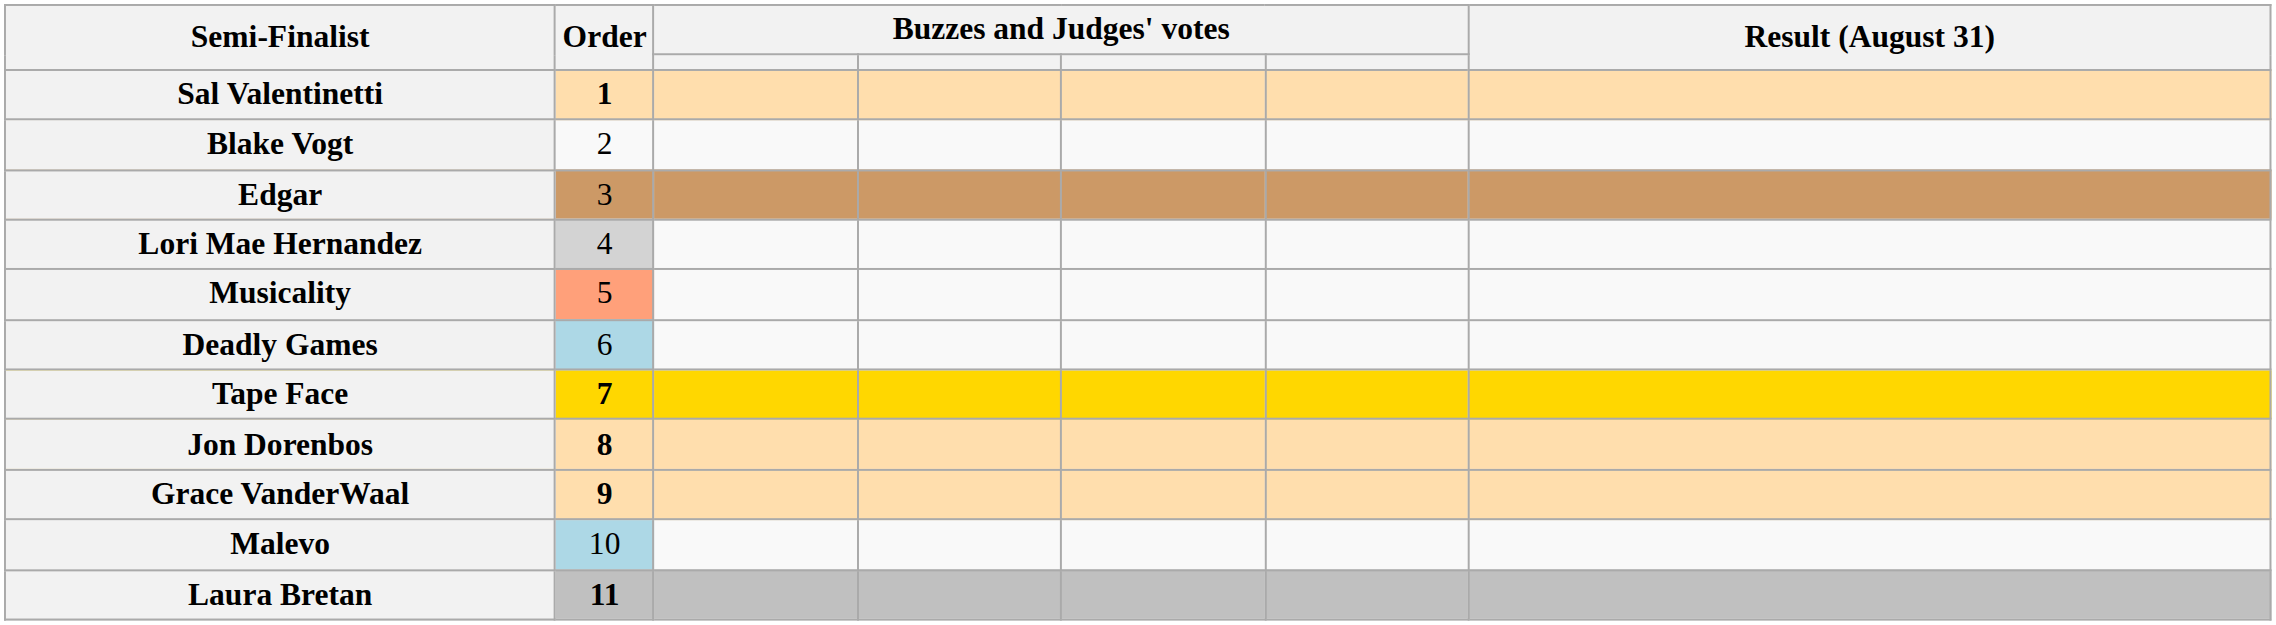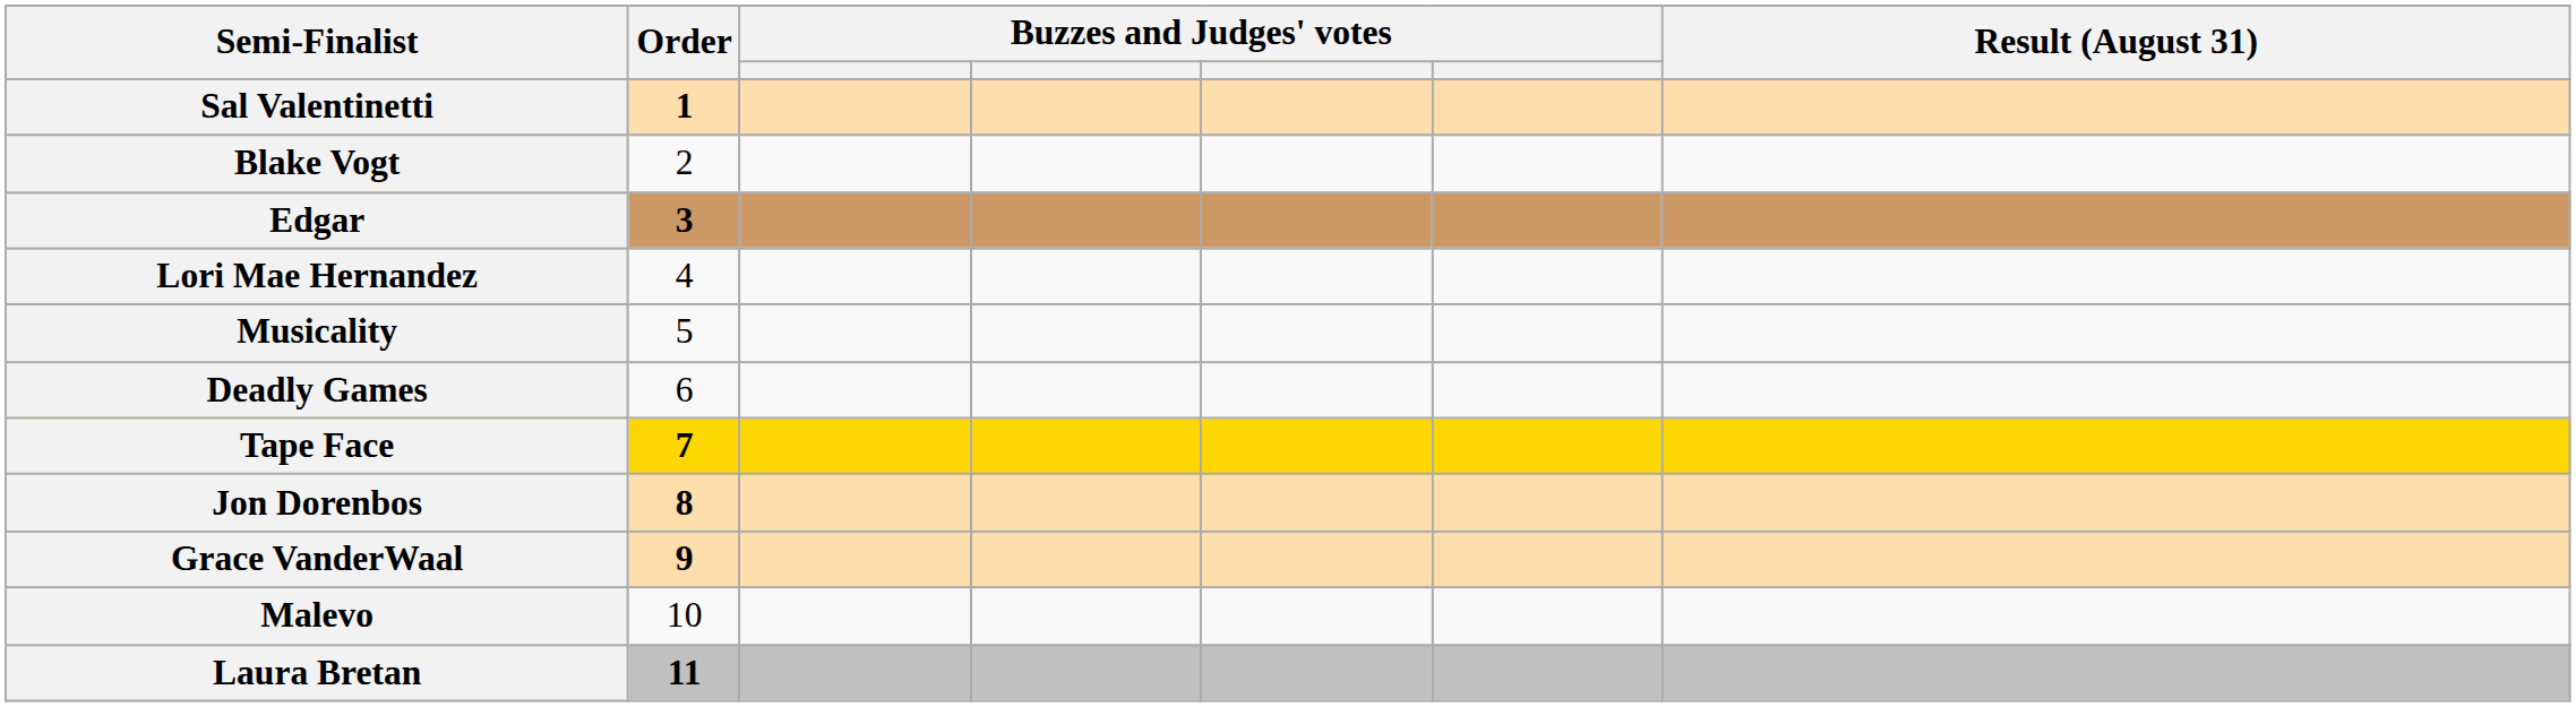 <table class="wikitable plainrowheaders sortable" style="text-align:center;">
 <tr>
 <th scope="col" rowspan="2" class="unsortable" style="width:17em;">Semi-Finalist</th>
 <th scope="col" rowspan="2" style="width:1em;">Order</th>
 <th scope="col" colspan="4" class="unsortable" style="width:24em;">Buzzes and Judges' votes</th>
 <th scope="col" rowspan="2" style="width:25em;">Result (August 31)</th>
 </tr>
 <tr>
 <th scope="col" class="unsortable" style="width:6em;"></th>
 <th scope="col" class="unsortable" style="width:6em;"></th>
 <th scope="col" class="unsortable" style="width:6em;"></th>
 <th scope="col" class="unsortable" style="width:6em;"></th>
 </tr>
 <tr style="background:NavajoWhite;">
 <th scope="row"><strong>Sal Valentinetti</strong></th>
 <td><strong>1</strong></td>
 <td style="text-align:center;"></td>
 <td style="text-align:center;"></td>
 <td style="text-align:center;"></td>
 <td style="text-align:center;"></td>
 <td><strong></strong></td>
 </tr>
 <tr>
 <th scope="row">Blake Vogt</th>
 <td>2</td>
 <td style="text-align:center;"></td>
 <td style="text-align:center;"></td>
 <td style="text-align:center;"></td>
 <td style="text-align:center;"></td>
 <td></td>
 </tr>
 <tr style="background:#c96;">
 <th scope="row">Edgar</th>
-<td>3</td>
+<td><strong>3</strong></td>
 <td style="text-align:center;"></td>
 <td style="text-align:center;"></td>
 <td style="text-align:center;"></td>
 <td style="text-align:center;"></td>
 <td></td>
 </tr>
 <tr>
 <th scope="row">Lori Mae Hernandez</th>
-<td style="background: lightgrey;">4</td>
+<td>4</td>
 <td style="text-align:center;"></td>
 <td style="text-align:center;"></td>
 <td style="text-align:center;"></td>
 <td style="text-align:center;"></td>
 <td></td>
 </tr>
 <tr>
 <th scope="row">Musicality</th>
-<td style="background: lightsalmon;">5</td>
+<td>5</td>
 <td style="text-align:center;"></td>
 <td style="text-align:center;"></td>
 <td style="text-align:center;"></td>
 <td style="text-align:center;"></td>
 <td></td>
 </tr>
 <tr>
 <th scope="row">Deadly Games</th>
-<td style="background: lightblue;">6</td>
+<td>6</td>
 <td style="text-align:center;"></td>
 <td style="text-align:center;"></td>
 <td style="text-align:center;"></td>
 <td style="text-align:center;"></td>
 <td></td>
 </tr>
 <tr style="background:gold;">
 <th scope="row"><strong>Tape Face</strong></th>
 <td><strong>7</strong></td>
 <td style="text-align:center;"></td>
 <td style="text-align:center;"></td>
 <td style="text-align:center;"></td>
 <td style="text-align:center;"></td>
 <td><strong></strong></td>
 </tr>
 <tr style="background:NavajoWhite;">
 <th scope="row"><strong>Jon Dorenbos</strong></th>
 <td><strong>8</strong></td>
 <td style="text-align:center;"></td>
 <td style="text-align:center;"></td>
 <td style="text-align:center;"></td>
 <td style="text-align:center;"></td>
 <td><strong></strong></td>
 </tr>
 <tr style="background:NavajoWhite;">
 <th scope="row"><strong>Grace VanderWaal</strong></th>
 <td><strong>9</strong></td>
 <td style="text-align:center;"></td>
 <td style="text-align:center;"></td>
 <td style="text-align:center;"></td>
 <td style="text-align:center;"></td>
 <td><strong></strong></td>
 </tr>
 <tr>
 <th scope="row">Malevo</th>
-<td style="background: lightblue;">10</td>
+<td>10</td>
 <td style="text-align:center;"></td>
 <td style="text-align:center;"></td>
 <td style="text-align:center;"></td>
 <td style="text-align:center;"></td>
 <td></td>
 </tr>
 <tr style="background:silver;">
 <th scope="row"><strong>Laura Bretan</strong></th>
 <td><strong>11</strong></td>
 <td style="text-align:center;"></td>
 <td style="text-align:center;"></td>
 <td style="text-align:center;"></td>
 <td style="text-align:center;"></td>
 <td><strong></strong></td>
 </tr>
 </table>
